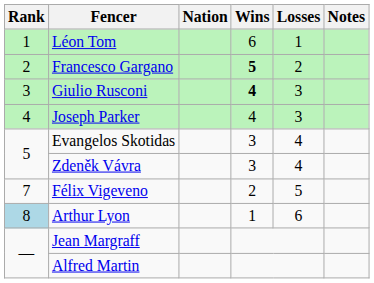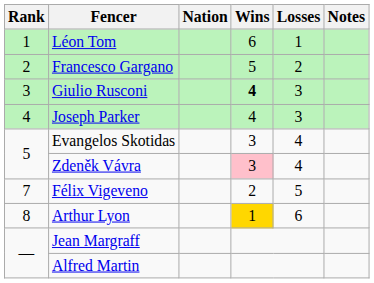 <table class="wikitable sortable" style="text-align:center">
 <tr>
 <th>Rank</th>
 <th>Fencer</th>
 <th>Nation</th>
 <th>Wins</th>
 <th>Losses</th>
 <th>Notes</th>
 </tr>
 <tr bgcolor=bbf3bb>
 <td>1</td>
 <td style="text-align: left;"><a href='#'>Léon Tom</a></td>
 <td align=left></td>
 <td>6</td>
 <td>1</td>
 <td></td>
 </tr>
 <tr bgcolor=bbf3bb>
 <td>2</td>
 <td style="text-align: left;"><a href='#'>Francesco Gargano</a></td>
 <td align=left></td>
-<td><strong>5</strong></td>
+<td>5</td>
 <td>2</td>
 <td></td>
 </tr>
 <tr bgcolor=bbf3bb>
 <td>3</td>
 <td style="text-align: left;"><a href='#'>Giulio Rusconi</a></td>
 <td align=left></td>
 <td><strong>4</strong></td>
 <td>3</td>
 <td></td>
 </tr>
 <tr bgcolor=bbf3bb>
 <td>4</td>
 <td style="text-align: left;"><a href='#'>Joseph Parker</a></td>
 <td align=left></td>
 <td>4</td>
 <td>3</td>
 <td></td>
 </tr>
 <tr>
 <td rowspan="2">5</td>
 <td style="text-align: left;">Evangelos Skotidas</td>
 <td align=left></td>
 <td>3</td>
 <td>4</td>
 <td></td>
 </tr>
 <tr>
 <td style="text-align: left;"><a href='#'>Zdeněk Vávra</a></td>
 <td align=left></td>
-<td>3</td>
+<td style="background: pink;">3</td>
 <td>4</td>
 <td></td>
 </tr>
 <tr>
 <td>7</td>
 <td style="text-align: left;"><a href='#'>Félix Vigeveno</a></td>
 <td align=left></td>
 <td>2</td>
 <td>5</td>
 <td></td>
 </tr>
 <tr>
-<td style="background: lightblue;">8</td>
+<td>8</td>
 <td style="text-align: left;"><a href='#'>Arthur Lyon</a></td>
 <td align=left></td>
-<td>1</td>
+<td style="background: gold;">1</td>
 <td>6</td>
 <td></td>
 </tr>
 <tr>
 <td rowspan="2">—</td>
 <td style="text-align: left;"><a href='#'>Jean Margraff</a></td>
 <td align=left></td>
 <td colspan="2"></td>
 <td></td>
 </tr>
 <tr>
 <td style="text-align: left;"><a href='#'>Alfred Martin</a></td>
 <td align=left></td>
 <td colspan="2"></td>
 <td></td>
 </tr>
 </table>
